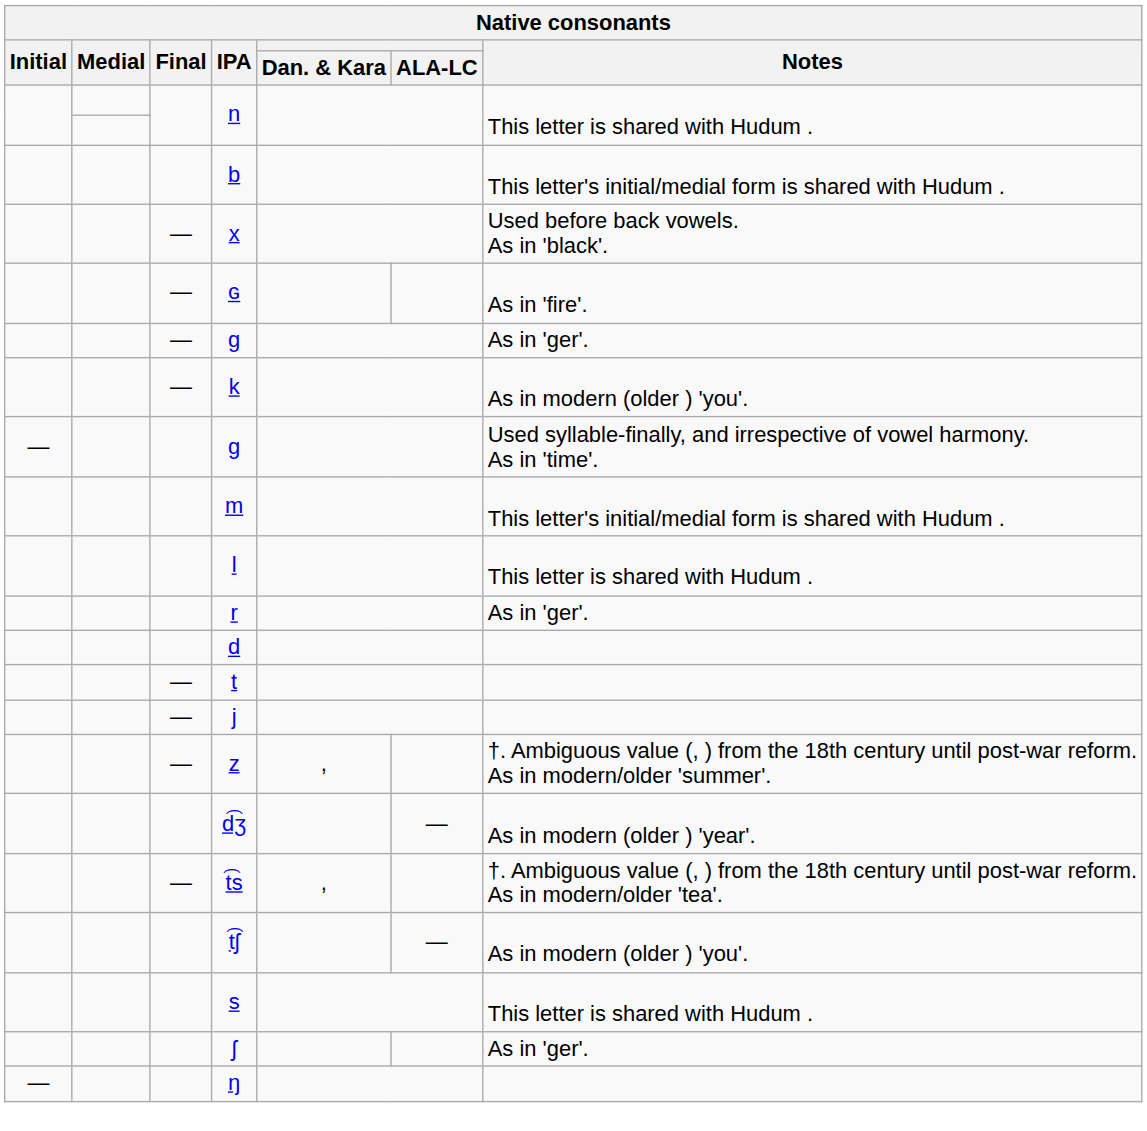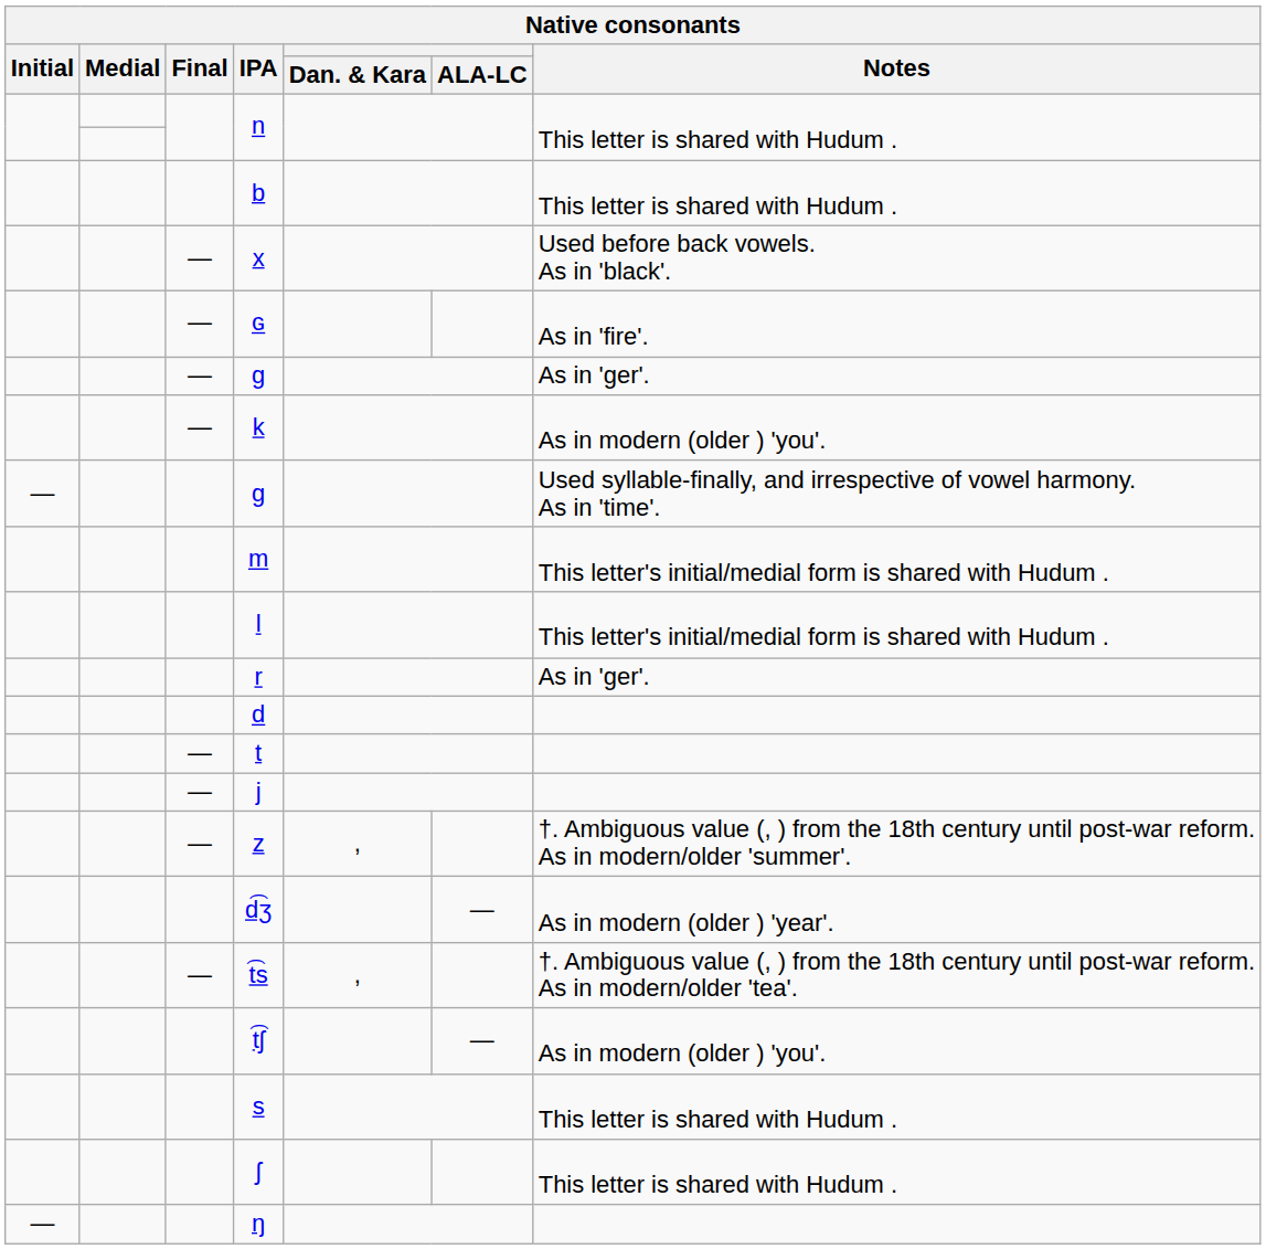 <table class="wikitable nounderlines" style="display: inline-table; text-align: center">
 <tr>
 <th colspan="7">Native consonants</th>
 </tr>
 <tr>
 <th rowspan="2">Initial</th>
 <th rowspan="2">Medial</th>
 <th rowspan="2">Final</th>
 <th rowspan="2">IPA</th>
 <th colspan="2"></th>
 <th rowspan="2">Notes</th>
 </tr>
 <tr>
 <th>Dan. & Kara</th>
 <th>ALA-LC</th>
 </tr>
 <tr>
 <td rowspan="2"></td>
 <td></td>
 <td rowspan="2"></td>
 <td rowspan="2"><a href='#'>n</a></td>
 <td colspan="2" rowspan="2"><em></em></td>
 <td rowspan="2" style="text-align: left"><br>This letter is shared with Hudum <em></em>.</td>
 </tr>
 <tr>
 <td></td>
 </tr>
 <tr>
 <td></td>
 <td></td>
 <td></td>
 <td><a href='#'>b</a></td>
 <td colspan="2"><em></em></td>
-<td style="text-align: left"><br>This letter's initial/medial form is shared with Hudum <em></em>.</td>
+<td style="text-align: left"><br>This letter is shared with Hudum <em></em>.</td>
 </tr>
 <tr>
 <td></td>
 <td></td>
 <td>—</td>
 <td><a href='#'>x</a></td>
 <td colspan="2"><em></em></td>
 <td style="text-align: left">Used before back vowels.<br>As in  <em></em> 'black'.<br></td>
 </tr>
 <tr>
 <td></td>
 <td></td>
 <td>—</td>
 <td><a href='#'>ɢ</a></td>
 <td><strong><em></em></strong></td>
 <td><em></em></td>
 <td style="text-align: left"><br>As in  <em></em> 'fire'.<br></td>
 </tr>
 <tr>
 <td></td>
 <td></td>
 <td>—</td>
 <td><a href='#'>ɡ</a></td>
 <td colspan="2"><em></em></td>
 <td style="text-align: left">As in  <em></em> 'ger'.<br></td>
 </tr>
 <tr>
 <td></td>
 <td></td>
 <td>—</td>
 <td><a href='#'>k</a></td>
 <td colspan="2"><em></em></td>
 <td style="text-align: left"><br>As in modern  <em></em> (older  <em></em>) 'you'.<br></td>
 </tr>
 <tr>
 <td>—</td>
 <td></td>
 <td></td>
 <td><a href='#'>ɡ</a></td>
 <td colspan="2"><em></em></td>
 <td style="text-align: left">Used syllable-finally, and irrespective of vowel harmony.<br>As in  <em></em> 'time'.<br></td>
 </tr>
 <tr>
 <td></td>
 <td></td>
 <td></td>
 <td><a href='#'>m</a></td>
 <td colspan="2"><em></em></td>
 <td style="text-align: left"><br>This letter's initial/medial form is shared with Hudum <em></em>.</td>
 </tr>
 <tr>
 <td></td>
 <td></td>
 <td></td>
 <td><a href='#'>l</a></td>
 <td colspan="2"><em></em></td>
-<td style="text-align: left"><br>This letter is shared with Hudum <em></em>.</td>
+<td style="text-align: left"><br>This letter's initial/medial form is shared with Hudum <em></em>.</td>
 </tr>
 <tr>
 <td></td>
 <td></td>
 <td></td>
 <td><a href='#'>r</a></td>
 <td colspan="2"><em></em></td>
 <td style="text-align: left">As in  <em></em> 'ger'.<br></td>
 </tr>
 <tr>
 <td></td>
 <td></td>
 <td></td>
 <td><a href='#'>d</a></td>
 <td colspan="2"><em></em></td>
 <td style="text-align: left"></td>
 </tr>
 <tr>
 <td></td>
 <td></td>
 <td>—</td>
 <td><a href='#'>t</a></td>
 <td colspan="2"><em></em></td>
 <td style="text-align: left"></td>
 </tr>
 <tr>
 <td></td>
 <td></td>
 <td>—</td>
 <td><a href='#'>j</a></td>
 <td colspan="2"><em></em></td>
 <td style="text-align: left"></td>
 </tr>
 <tr>
 <td></td>
 <td></td>
 <td>—</td>
 <td><a href='#'>z</a></td>
 <td><em></em>, <em></em></td>
 <td><em></em></td>
 <td style="text-align: left">†. Ambiguous value (<em></em>, <em></em>) from the 18th century until post-war reform.<br>As in modern/older  <em></em> 'summer'.<br></td>
 </tr>
 <tr>
 <td></td>
 <td></td>
 <td></td>
 <td><a href='#'>d͡ʒ</a></td>
 <td><em></em></td>
 <td>—</td>
 <td style="text-align: left"><br>As in modern  <em></em> (older  <em></em>) 'year'.<br></td>
 </tr>
 <tr>
 <td></td>
 <td></td>
 <td>—</td>
 <td><a href='#'>t͡s</a></td>
 <td><em></em>, <em></em></td>
 <td><em></em></td>
 <td style="text-align: left">†. Ambiguous value (<em></em>, <em></em>) from the 18th century until post-war reform.<br>As in modern/older  <em></em> 'tea'.<br></td>
 </tr>
 <tr>
 <td></td>
 <td></td>
 <td></td>
 <td><a href='#'>t͡ʃ</a></td>
 <td><em></em></td>
 <td>—</td>
 <td style="text-align: left"><br>As in modern  <em></em> (older  <em></em>) 'you'.<br></td>
 </tr>
 <tr>
 <td></td>
 <td></td>
 <td></td>
 <td><a href='#'>s</a></td>
 <td colspan="2"><em></em></td>
 <td style="text-align: left"><br>This letter is shared with Hudum <em></em>.</td>
 </tr>
 <tr>
 <td></td>
 <td></td>
 <td></td>
 <td><a href='#'>ʃ</a></td>
 <td><em></em></td>
 <td><em></em></td>
-<td style="text-align: left">As in  <em></em> 'ger'.<br></td>
+<td style="text-align: left"><br>This letter is shared with Hudum <em></em>.</td>
 </tr>
 <tr>
 <td>—</td>
 <td></td>
 <td></td>
 <td><a href='#'>ŋ</a></td>
 <td colspan="2"><em></em></td>
 <td style="text-align: left"></td>
 </tr>
 </table>
